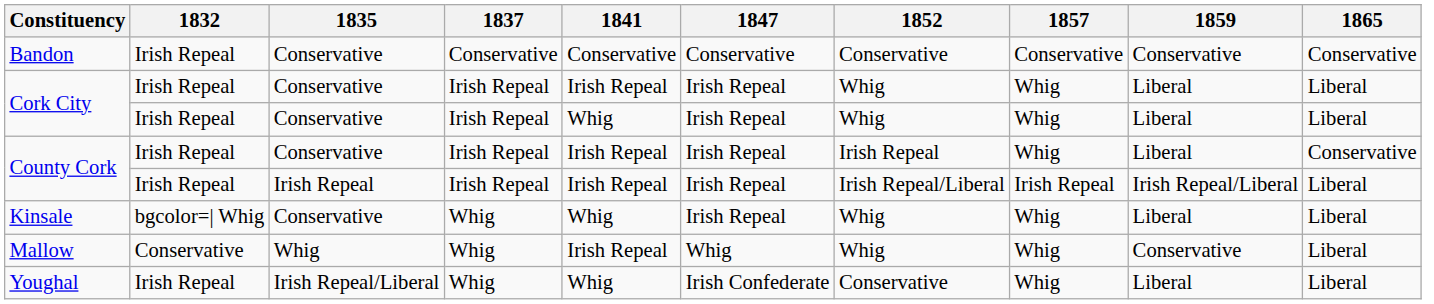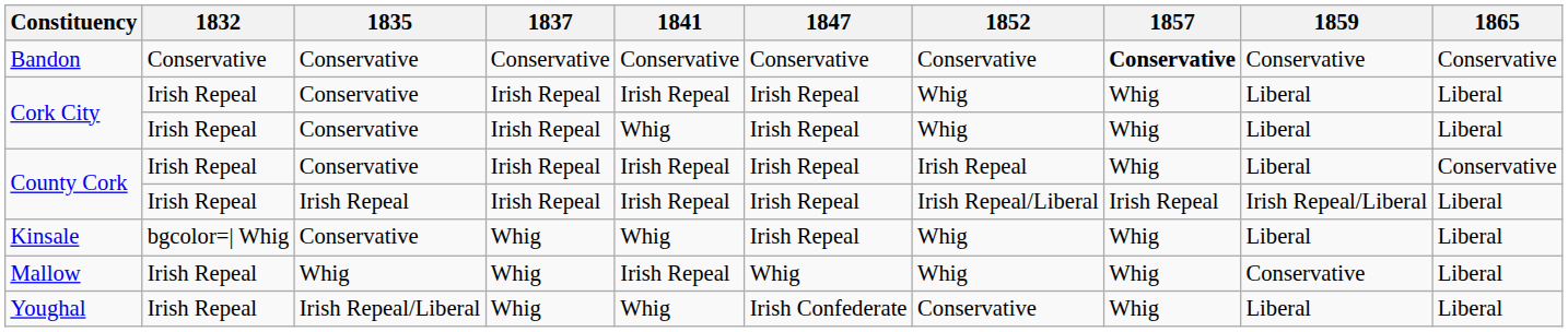 <table class=wikitable sortable>
 <tr>
 <th>Constituency</th>
 <th>1832</th>
 <th>1835</th>
 <th>1837</th>
 <th>1841</th>
 <th>1847</th>
 <th>1852</th>
 <th>1857</th>
 <th>1859</th>
 <th>1865</th>
 </tr>
 <tr>
 <td><a href='#'>Bandon</a></td>
-<td bgcolor=>Irish Repeal</td>
 <td bgcolor=>Conservative</td>
 <td bgcolor=>Conservative</td>
 <td bgcolor=>Conservative</td>
 <td bgcolor=>Conservative</td>
 <td bgcolor=>Conservative</td>
 <td bgcolor=>Conservative</td>
+<td bgcolor=><strong>Conservative</strong></td>
 <td bgcolor=>Conservative</td>
 <td bgcolor=>Conservative</td>
 </tr>
 <tr>
 <td rowspan=2><a href='#'>Cork City</a></td>
 <td bgcolor=>Irish Repeal</td>
 <td bgcolor=>Conservative</td>
 <td bgcolor=>Irish Repeal</td>
 <td bgcolor=>Irish Repeal</td>
 <td bgcolor=>Irish Repeal</td>
 <td bgcolor=>Whig</td>
 <td bgcolor=>Whig</td>
 <td bgcolor=>Liberal</td>
 <td bgcolor=>Liberal</td>
 </tr>
 <tr>
 <td bgcolor=>Irish Repeal</td>
 <td bgcolor=>Conservative</td>
 <td bgcolor=>Irish Repeal</td>
 <td bgcolor=>Whig</td>
 <td bgcolor=>Irish Repeal</td>
 <td bgcolor=>Whig</td>
 <td bgcolor=>Whig</td>
 <td bgcolor=>Liberal</td>
 <td bgcolor=>Liberal</td>
 </tr>
 <tr>
 <td rowspan=2><a href='#'>County Cork</a></td>
 <td bgcolor=>Irish Repeal</td>
 <td bgcolor=>Conservative</td>
 <td bgcolor=>Irish Repeal</td>
 <td bgcolor=>Irish Repeal</td>
 <td bgcolor=>Irish Repeal</td>
 <td bgcolor=>Irish Repeal</td>
 <td bgcolor=>Whig</td>
 <td bgcolor=>Liberal</td>
 <td bgcolor=>Conservative</td>
 </tr>
 <tr>
 <td bgcolor=>Irish Repeal</td>
 <td bgcolor=>Irish Repeal</td>
 <td bgcolor=>Irish Repeal</td>
 <td bgcolor=>Irish Repeal</td>
 <td bgcolor=>Irish Repeal</td>
 <td bgcolor=>Irish Repeal/Liberal</td>
 <td bgcolor=>Irish Repeal</td>
 <td bgcolor=>Irish Repeal/Liberal</td>
 <td bgcolor=>Liberal</td>
 </tr>
 <tr>
 <td><a href='#'>Kinsale</a></td>
 <td bgcolor=>bgcolor=| Whig</td>
 <td bgcolor=>Conservative</td>
 <td bgcolor=>Whig</td>
 <td bgcolor=>Whig</td>
 <td bgcolor=>Irish Repeal</td>
 <td bgcolor=>Whig</td>
 <td bgcolor=>Whig</td>
 <td bgcolor=>Liberal</td>
 <td bgcolor=>Liberal</td>
 </tr>
 <tr>
 <td><a href='#'>Mallow</a></td>
-<td bgcolor=>Conservative</td>
+<td bgcolor=>Irish Repeal</td>
 <td bgcolor=>Whig</td>
 <td bgcolor=>Whig</td>
 <td bgcolor=>Irish Repeal</td>
 <td bgcolor=>Whig</td>
 <td bgcolor=>Whig</td>
 <td bgcolor=>Whig</td>
 <td bgcolor=>Conservative</td>
 <td bgcolor=>Liberal</td>
 </tr>
 <tr>
 <td><a href='#'>Youghal</a></td>
 <td bgcolor=>Irish Repeal</td>
 <td bgcolor=>Irish Repeal/Liberal</td>
 <td bgcolor=>Whig</td>
 <td bgcolor=>Whig</td>
 <td>Irish Confederate</td>
 <td bgcolor=>Conservative</td>
 <td bgcolor=>Whig</td>
 <td bgcolor=>Liberal</td>
 <td bgcolor=>Liberal</td>
 </tr>
 </table>
